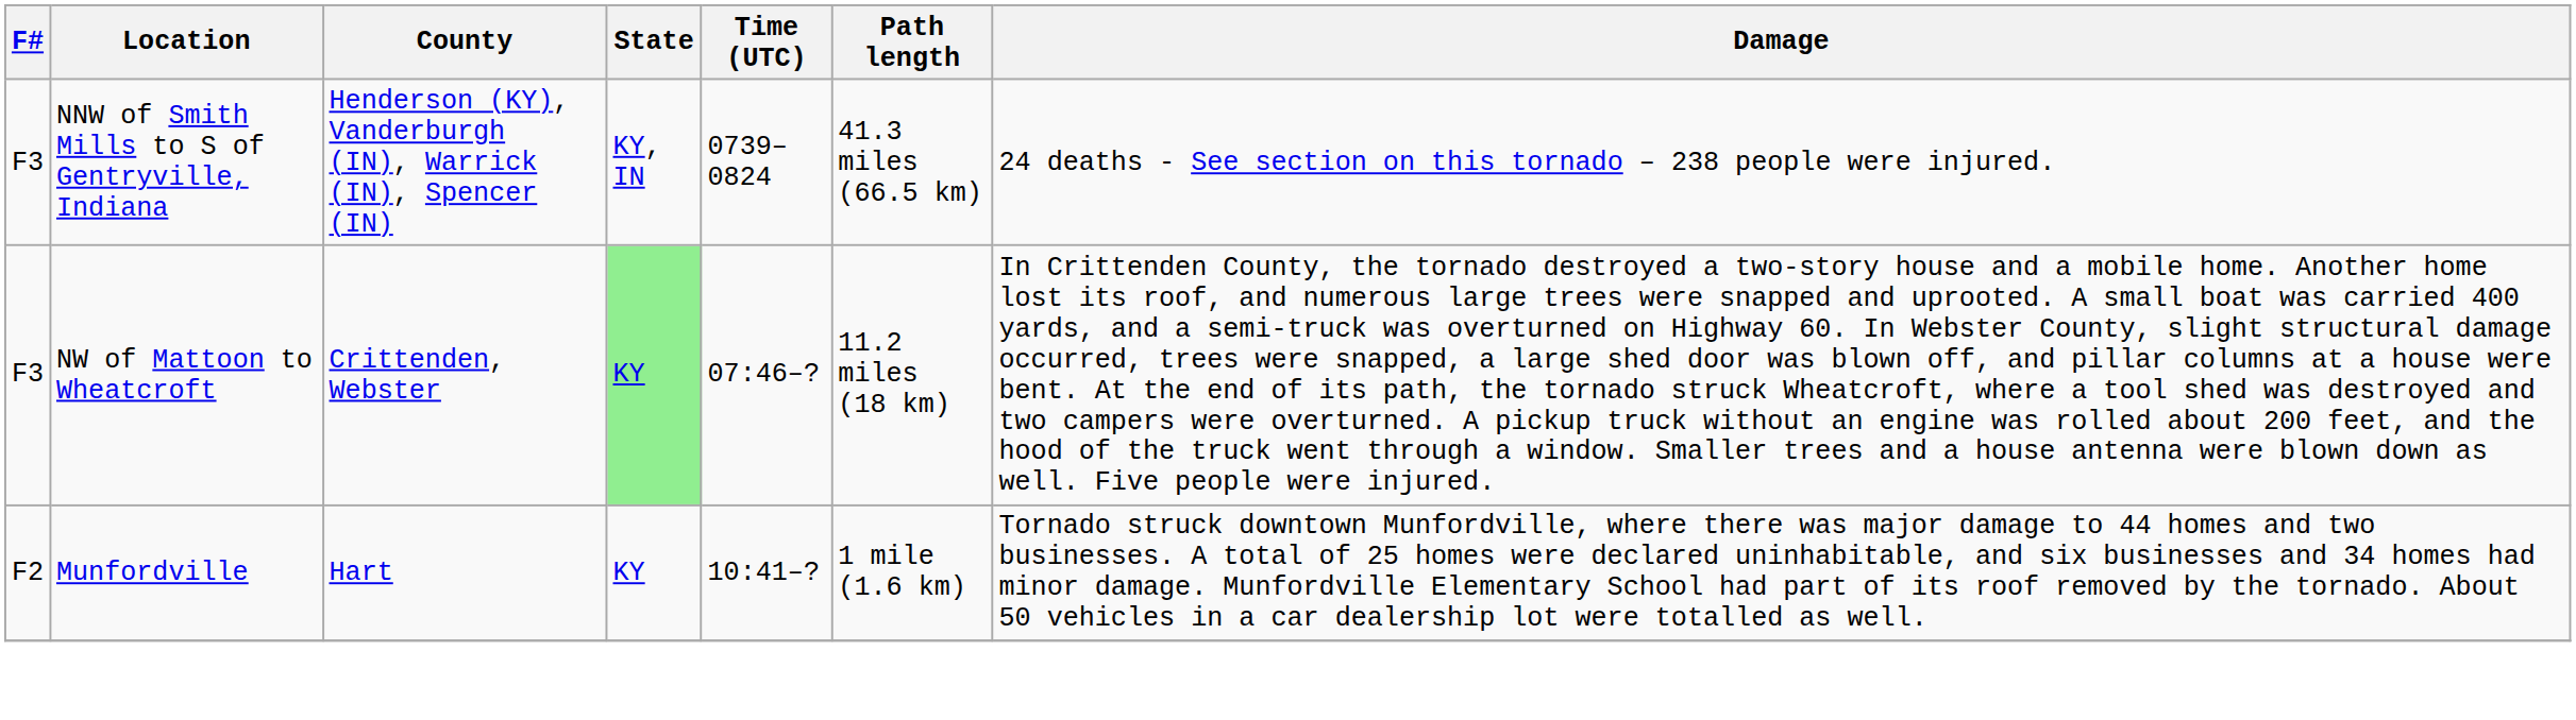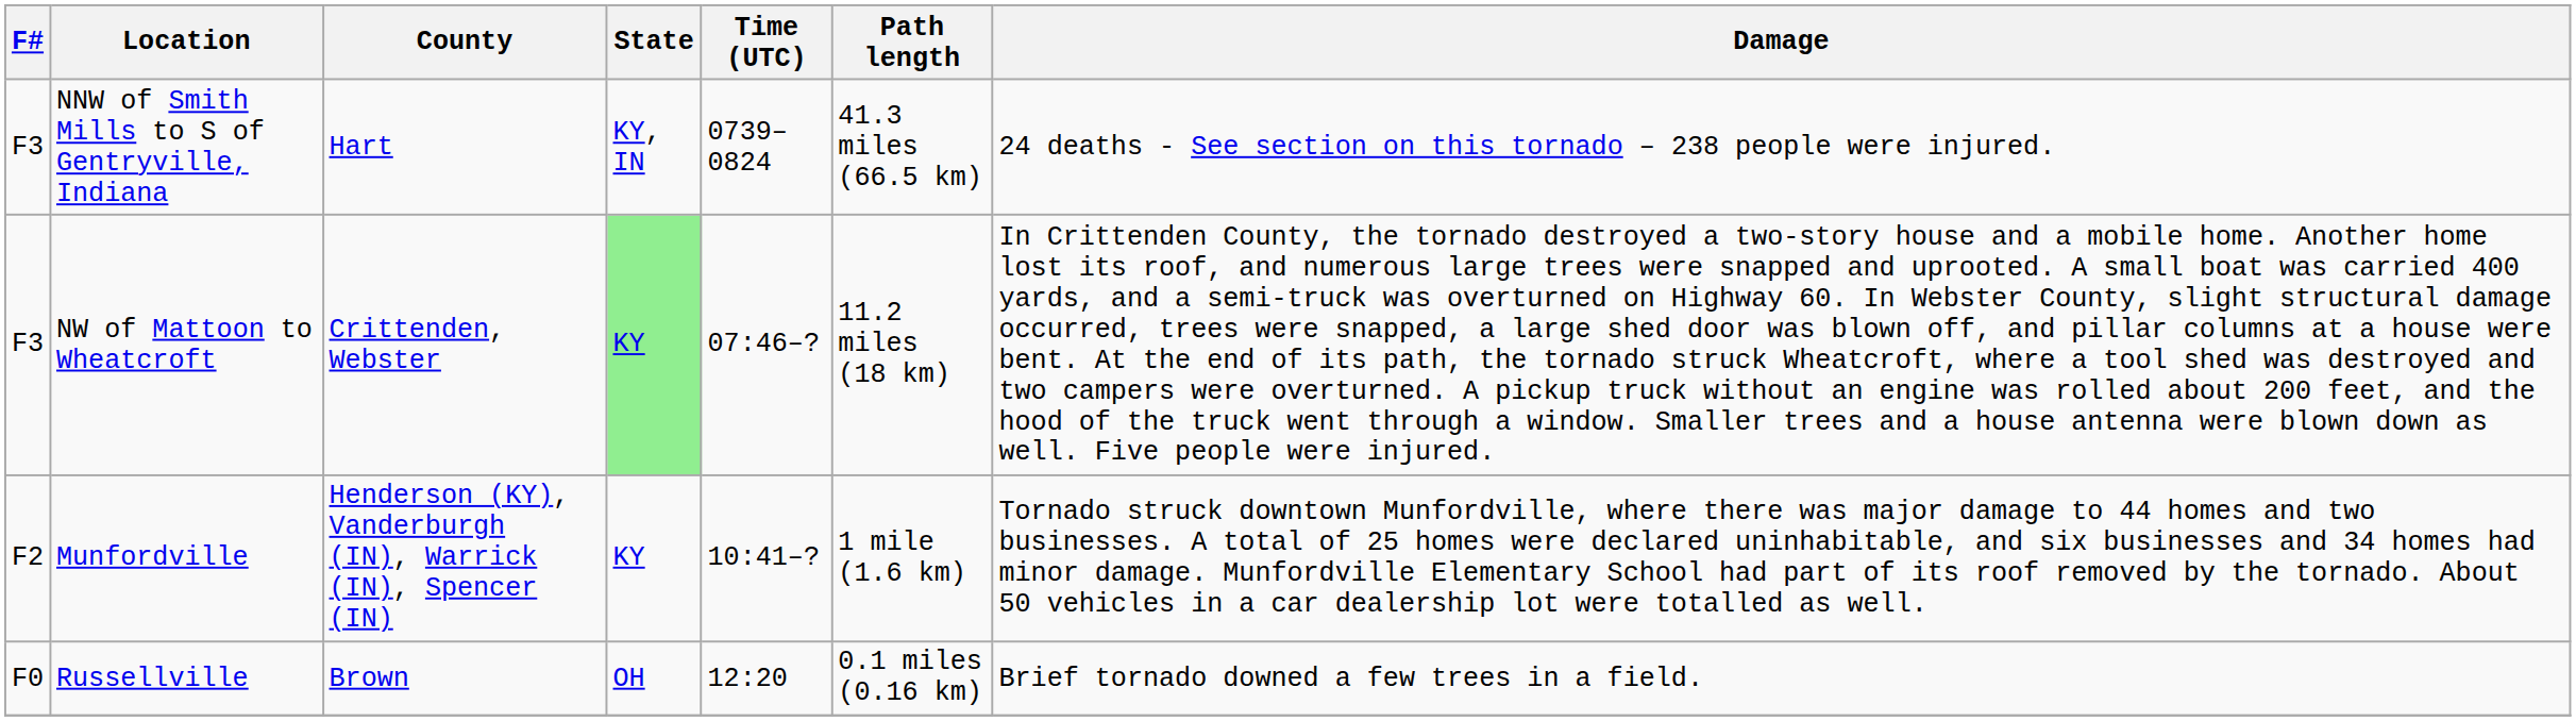 <table class="wikitable">
 <tr>
 <th><strong><a href='#'>F#</a></strong></th>
 <th><strong>Location</strong></th>
 <th><strong>County</strong></th>
 <th><strong>State</strong></th>
 <th><strong>Time (UTC)</strong></th>
 <th><strong>Path length</strong></th>
 <th><strong>Damage</strong></th>
 </tr>
 <tr>
 <td>F3</td>
 <td>NNW of <a href='#'>Smith Mills</a> to S of <a href='#'>Gentryville, Indiana</a></td>
-<td><a href='#'>Henderson (KY)</a>, <a href='#'>Vanderburgh (IN)</a>, <a href='#'>Warrick (IN)</a>, <a href='#'>Spencer (IN)</a></td>
+<td><a href='#'>Hart</a></td>
 <td><a href='#'>KY</a>, <a href='#'>IN</a></td>
 <td>0739–0824</td>
 <td>41.3 miles <br>(66.5 km)</td>
 <td>24 deaths - <a href='#'>See section on this tornado</a> – 238 people were injured.</td>
 </tr>
 <tr>
 <td>F3</td>
 <td>NW of <a href='#'>Mattoon</a> to <a href='#'>Wheatcroft</a></td>
 <td><a href='#'>Crittenden</a>, <a href='#'>Webster</a></td>
 <td style="background: lightgreen;"><a href='#'>KY</a></td>
 <td>07:46–?</td>
 <td>11.2 miles <br>(18 km)</td>
 <td>In Crittenden County, the tornado destroyed a two-story house and a mobile home. Another home lost its roof, and numerous large trees were snapped and uprooted. A small boat was carried 400 yards, and a semi-truck was overturned on Highway 60. In Webster County, slight structural damage occurred, trees were snapped, a large shed door was blown off, and pillar columns at a house were bent. At the end of its path, the tornado struck Wheatcroft, where a tool shed was destroyed and two campers were overturned. A pickup truck without an engine was rolled about 200 feet, and the hood of the truck went through a window. Smaller trees and a house antenna were blown down as well. Five people were injured.</td>
 </tr>
 <tr>
 <td>F2</td>
 <td><a href='#'>Munfordville</a></td>
-<td><a href='#'>Hart</a></td>
+<td><a href='#'>Henderson (KY)</a>, <a href='#'>Vanderburgh (IN)</a>, <a href='#'>Warrick (IN)</a>, <a href='#'>Spencer (IN)</a></td>
 <td><a href='#'>KY</a></td>
 <td>10:41–?</td>
 <td>1 mile <br>(1.6 km)</td>
 <td>Tornado struck downtown Munfordville, where there was major damage to 44 homes and two businesses. A total of 25 homes were declared uninhabitable, and six businesses and 34 homes had minor damage. Munfordville Elementary School had part of its roof removed by the tornado. About 50 vehicles in a car dealership lot were totalled as well.</td>
 </tr>
 <tr>
+<td>F0</td>
+<td><a href='#'>Russellville</a></td>
+<td><a href='#'>Brown</a></td>
+<td><a href='#'>OH</a></td>
+<td>12:20</td>
+<td>0.1 miles <br>(0.16 km)</td>
+<td>Brief tornado downed a few trees in a field.</td>
+</tr>
+<tr>
 </tr>
 </table>
